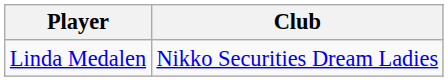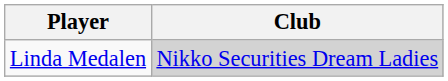 <table class="wikitable">
 <tr>
 <th>Player</th>
 <th>Club</th>
 </tr>
 <tr>
 <td> <a href='#'>Linda Medalen</a></td>
-<td><a href='#'>Nikko Securities Dream Ladies</a></td>
+<td style="background: lightgrey;"><a href='#'>Nikko Securities Dream Ladies</a></td>
 </tr>
 </table>
